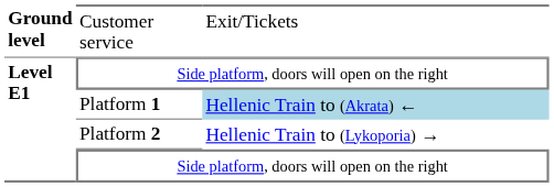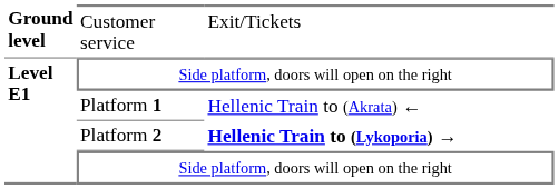 <table table border=0 cellspacing=0 cellpadding=3>
 <tr>
 <td style="border-bottom:solid 1px gray;" width=50 valign=top><strong>Ground level</strong></td>
 <td style="border-top:solid 2px gray;border-bottom:solid 1px gray;" width=100 valign=top>Customer service</td>
 <td style="border-top:solid 2px gray;border-bottom:solid 1px gray;" width=285 valign=top>Exit/Tickets</td>
 </tr>
 <tr>
 <td style="border-bottom:solid 2px gray;" rowspan=5 valign=top><strong>Level<br>Ε1</strong></td>
 <td style="border-top:solid 1px gray;border-right:solid 2px gray;border-left:solid 2px gray;border-bottom:solid 2px gray;text-align:center;" colspan=2><small><a href='#'>Side platform</a>, doors will open on the right</small></td>
 </tr>
 <tr>
 <td style="border-bottom:solid 1px gray;">Platform <strong>1</strong></td>
-<td style="background: lightblue;"><a href='#'>Hellenic Train</a> to  <small>(<a href='#'>Akrata</a>)</small> ←</td>
+<td><a href='#'>Hellenic Train</a> to  <small>(<a href='#'>Akrata</a>)</small> ←</td>
 </tr>
 <tr>
 <td style="border-bottom:solid 1px gray;">Platform <strong>2</strong></td>
-<td><a href='#'>Hellenic Train</a> to  <small>(<a href='#'>Lykoporia</a>)</small> →</td>
+<td><strong><a href='#'>Hellenic Train</a> to  <small>(<a href='#'>Lykoporia</a>)</small> →</strong></td>
 </tr>
 <tr>
 <td style="border-top:solid 2px gray;border-right:solid 2px gray;border-left:solid 2px gray;border-bottom:solid 2px gray;text-align:center;" colspan=2><small><a href='#'>Side platform</a>, doors will open on the right</small></td>
 </tr>
 </table>
